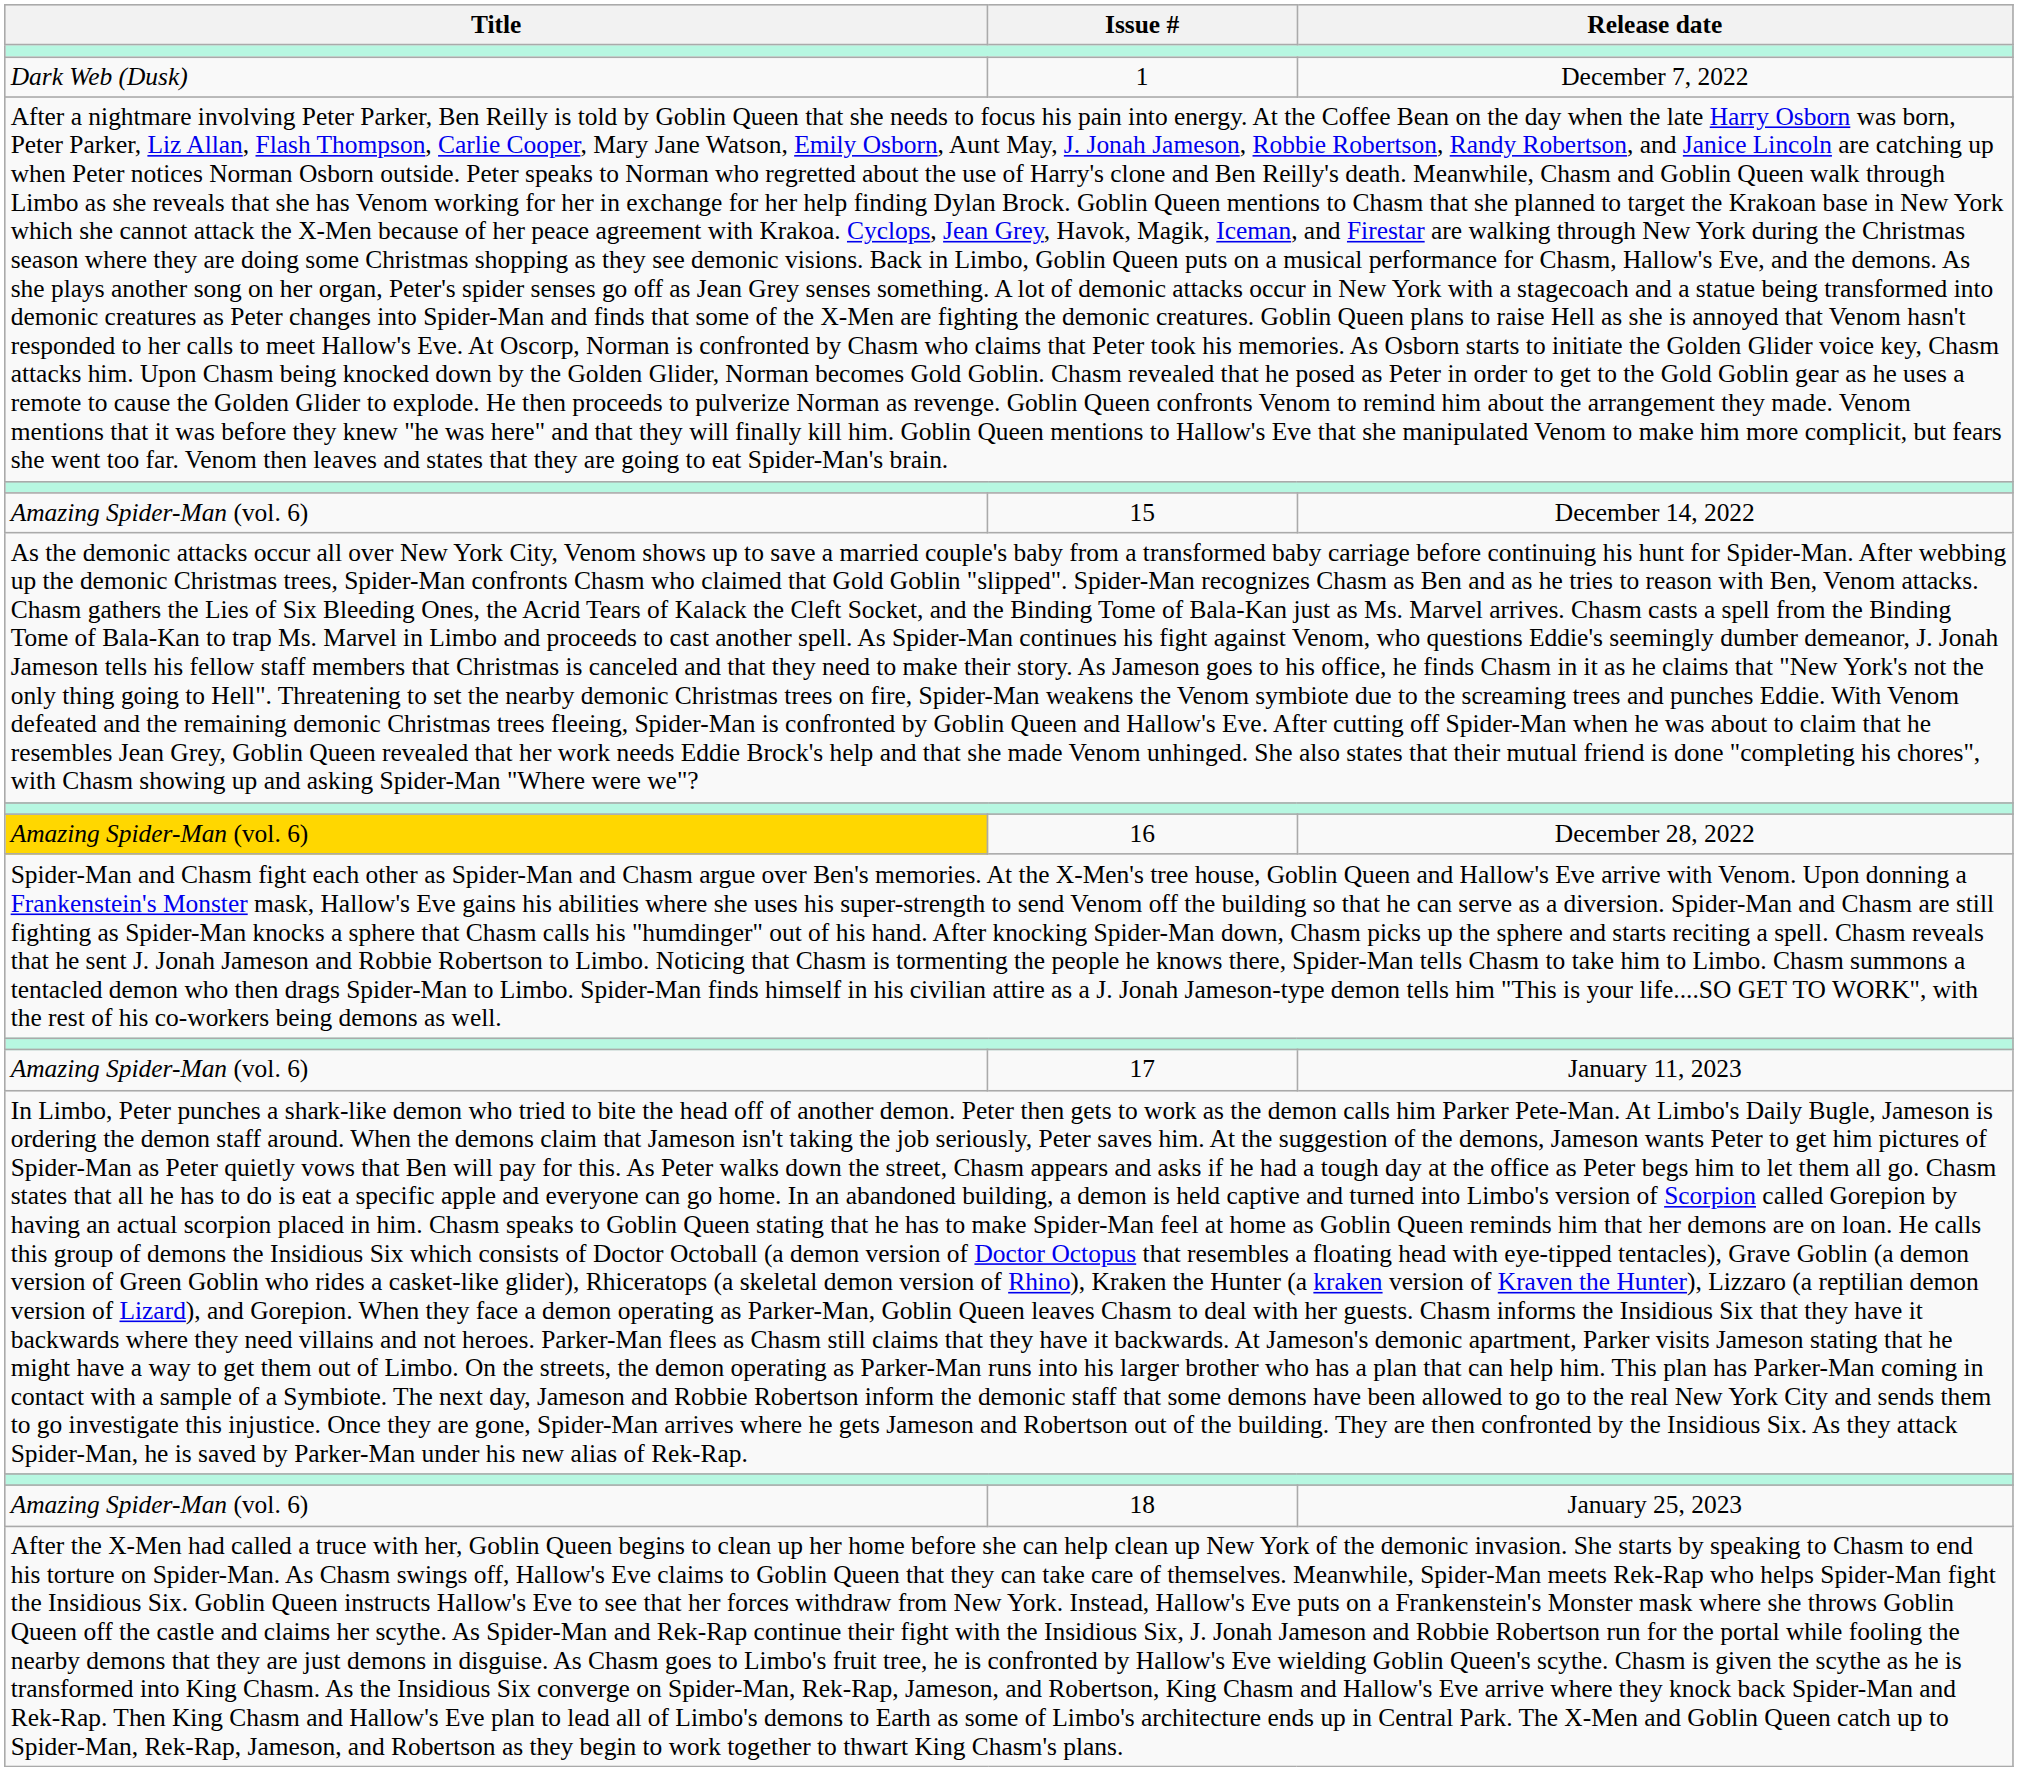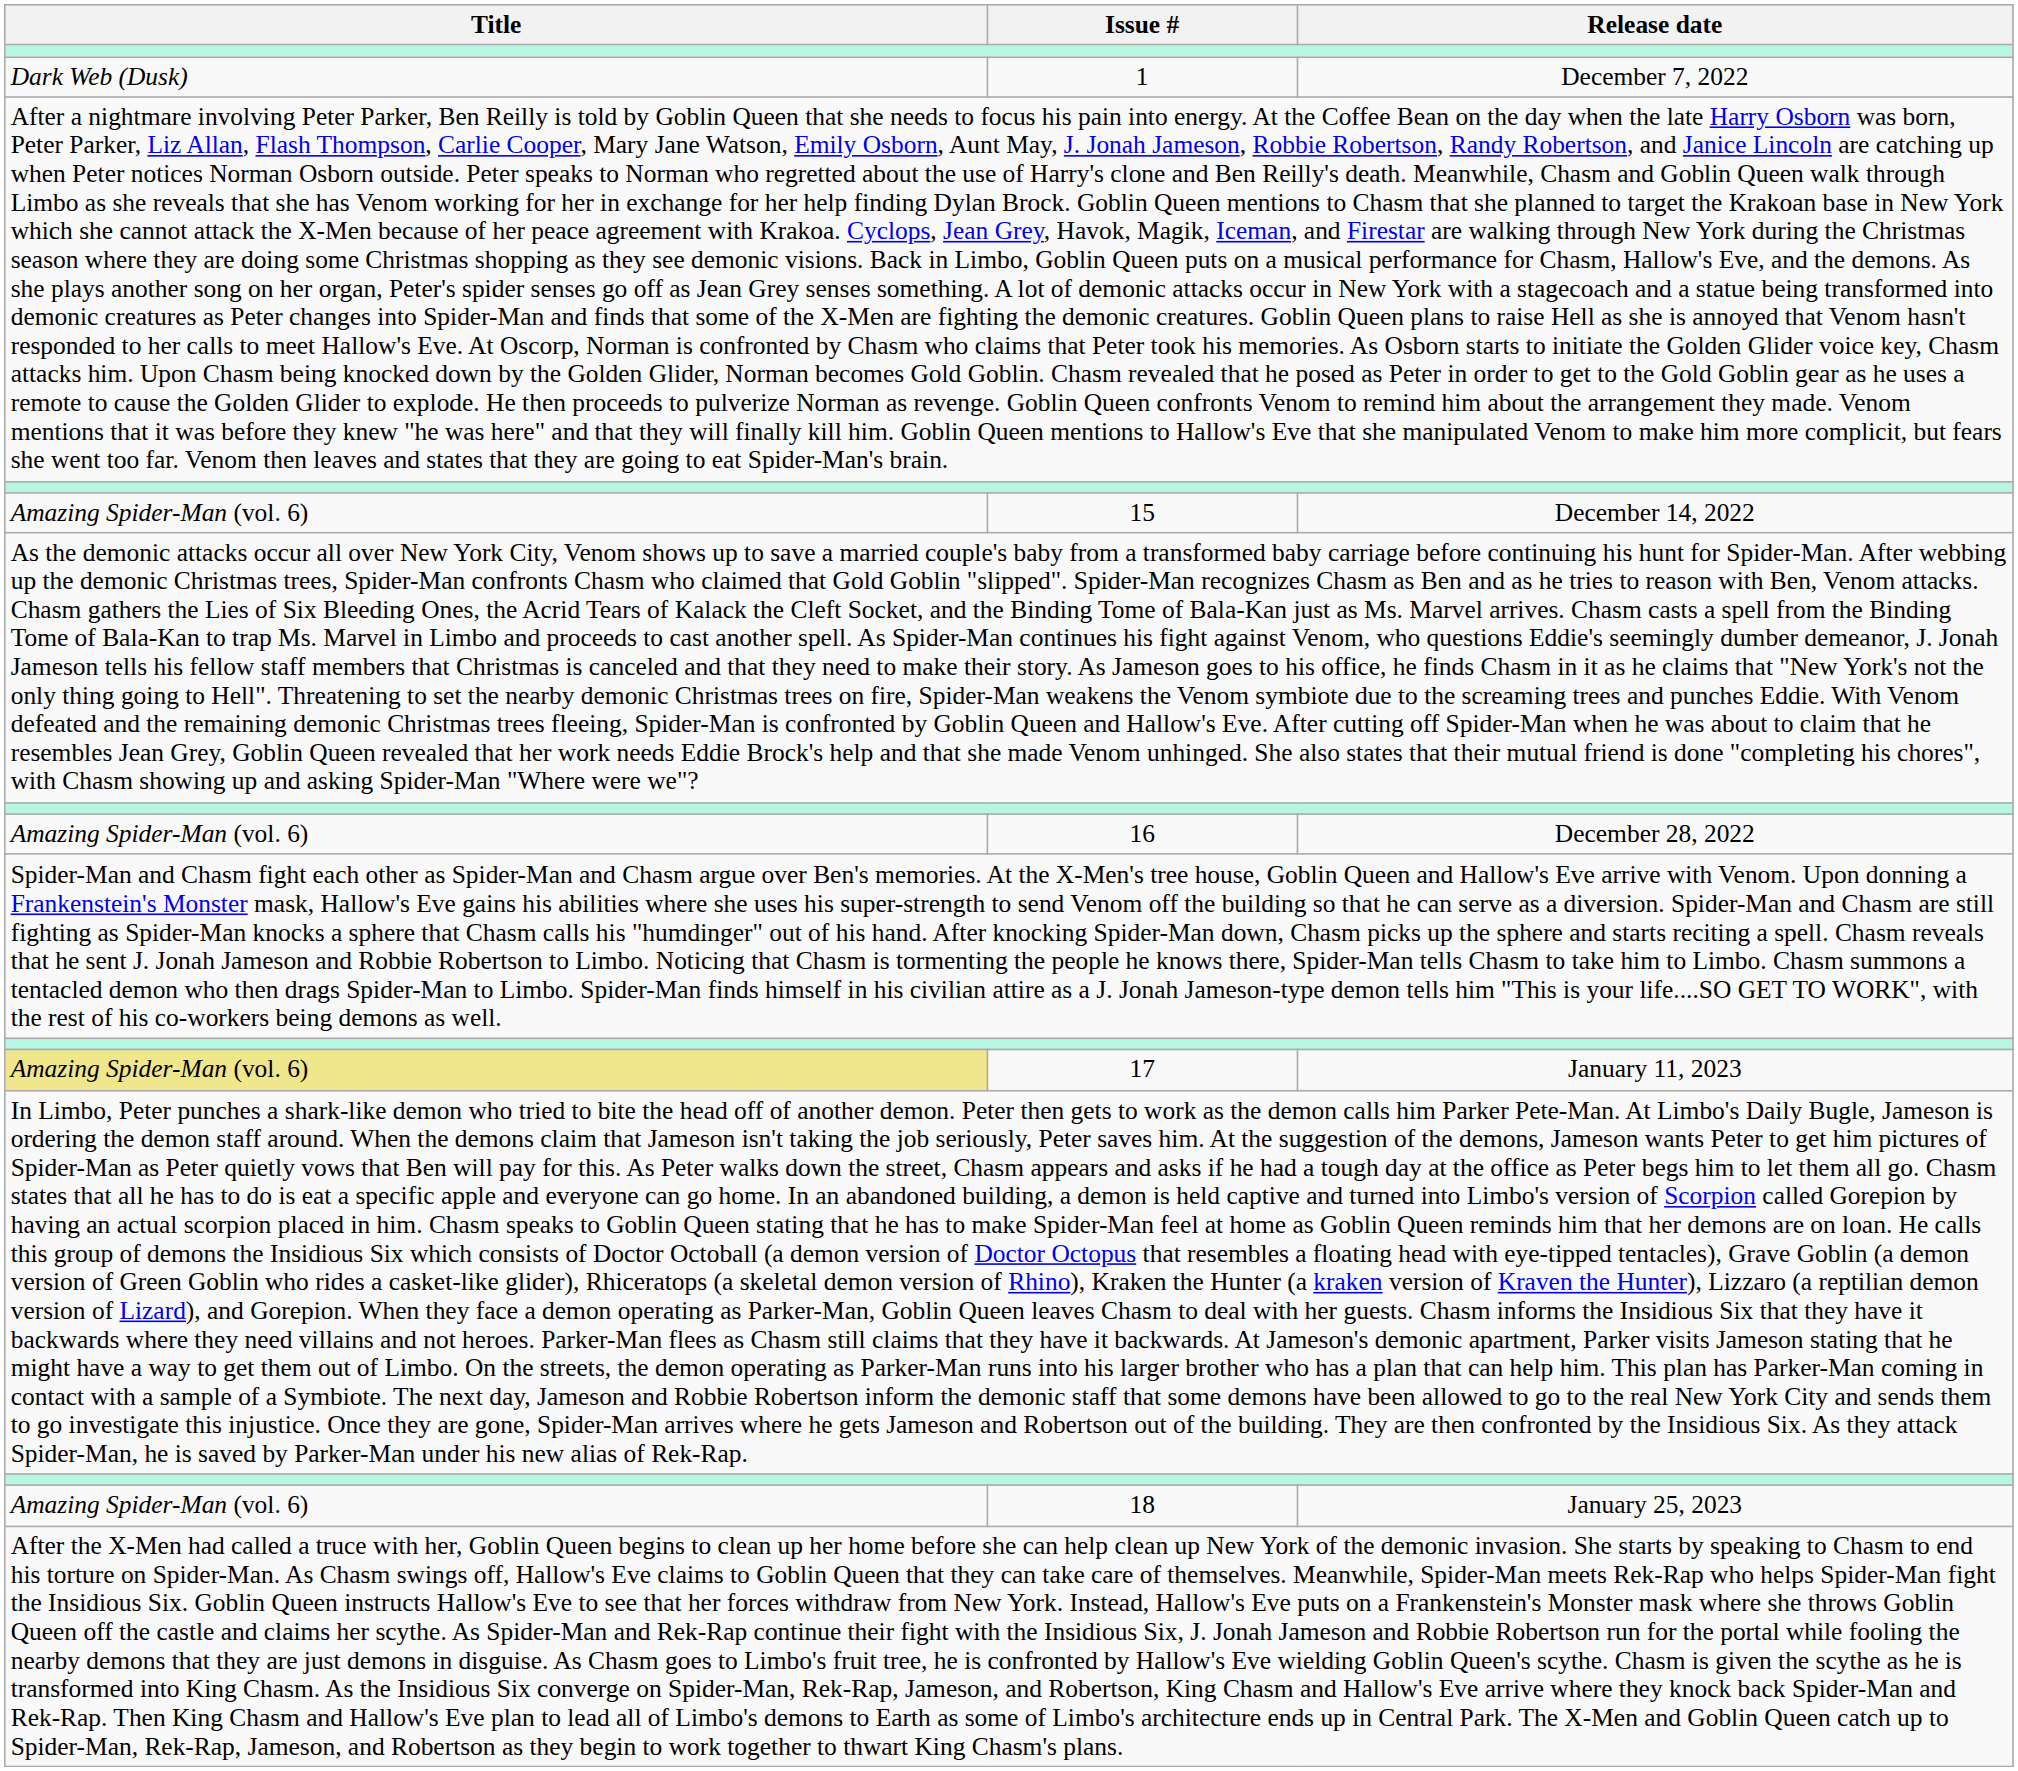 <table class="wikitable" style="width:100%;">
 <tr>
 <th>Title</th>
 <th>Issue #</th>
 <th>Release date</th>
 </tr>
 <tr>
 <td colspan="6" style="background:#B7F7E1;"></td>
 </tr>
 <tr>
 <td><em>Dark Web (Dusk)</em></td>
 <td style="text-align:center;">1</td>
 <td style="text-align:center;">December 7, 2022</td>
 </tr>
 <tr>
 <td colspan="6">After a nightmare involving Peter Parker, Ben Reilly is told by Goblin Queen that she needs to focus his pain into energy. At the Coffee Bean on the day when the late <a href='#'>Harry Osborn</a> was born, Peter Parker, <a href='#'>Liz Allan</a>, <a href='#'>Flash Thompson</a>, <a href='#'>Carlie Cooper</a>, Mary Jane Watson, <a href='#'>Emily Osborn</a>, Aunt May, <a href='#'>J. Jonah Jameson</a>, <a href='#'>Robbie Robertson</a>, <a href='#'>Randy Robertson</a>, and <a href='#'>Janice Lincoln</a> are catching up when Peter notices Norman Osborn outside. Peter speaks to Norman who regretted about the use of Harry's clone and Ben Reilly's death. Meanwhile, Chasm and Goblin Queen walk through Limbo as she reveals that she has Venom working for her in exchange for her help finding Dylan Brock. Goblin Queen mentions to Chasm that she planned to target the Krakoan base in New York which she cannot attack the X-Men because of her peace agreement with Krakoa. <a href='#'>Cyclops</a>, <a href='#'>Jean Grey</a>, Havok, Magik, <a href='#'>Iceman</a>, and <a href='#'>Firestar</a> are walking through New York during the Christmas season where they are doing some Christmas shopping as they see demonic visions. Back in Limbo, Goblin Queen puts on a musical performance for Chasm, Hallow's Eve, and the demons. As she plays another song on her organ, Peter's spider senses go off as Jean Grey senses something. A lot of demonic attacks occur in New York with a stagecoach and a statue being transformed into demonic creatures as Peter changes into Spider-Man and finds that some of the X-Men are fighting the demonic creatures. Goblin Queen plans to raise Hell as she is annoyed that Venom hasn't responded to her calls to meet Hallow's Eve. At Oscorp, Norman is confronted by Chasm who claims that Peter took his memories. As Osborn starts to initiate the Golden Glider voice key, Chasm attacks him. Upon Chasm being knocked down by the Golden Glider, Norman becomes Gold Goblin. Chasm revealed that he posed as Peter in order to get to the Gold Goblin gear as he uses a remote to cause the Golden Glider to explode. He then proceeds to pulverize Norman as revenge. Goblin Queen confronts Venom to remind him about the arrangement they made. Venom mentions that it was before they knew "he was here" and that they will finally kill him. Goblin Queen mentions to Hallow's Eve that she manipulated Venom to make him more complicit, but fears she went too far. Venom then leaves and states that they are going to eat Spider-Man's brain.</td>
 </tr>
 <tr>
 <td colspan="6" style="background:#B7F7E1;"></td>
 </tr>
 <tr>
 <td><em>Amazing Spider-Man</em> (vol. 6)</td>
 <td style="text-align:center;">15</td>
 <td style="text-align:center;">December 14, 2022</td>
 </tr>
 <tr>
 <td colspan="6">As the demonic attacks occur all over New York City, Venom shows up to save a married couple's baby from a transformed baby carriage before continuing his hunt for Spider-Man. After webbing up the demonic Christmas trees, Spider-Man confronts Chasm who claimed that Gold Goblin "slipped". Spider-Man recognizes Chasm as Ben and as he tries to reason with Ben, Venom attacks. Chasm gathers the Lies of Six Bleeding Ones, the Acrid Tears of Kalack the Cleft Socket, and the Binding Tome of Bala-Kan just as Ms. Marvel arrives. Chasm casts a spell from the Binding Tome of Bala-Kan to trap Ms. Marvel in Limbo and proceeds to cast another spell. As Spider-Man continues his fight against Venom, who questions Eddie's seemingly dumber demeanor, J. Jonah Jameson tells his fellow staff members that Christmas is canceled and that they need to make their story. As Jameson goes to his office, he finds Chasm in it as he claims that "New York's not the only thing going to Hell". Threatening to set the nearby demonic Christmas trees on fire, Spider-Man weakens the Venom symbiote due to the screaming trees and punches Eddie. With Venom defeated and the remaining demonic Christmas trees fleeing, Spider-Man is confronted by Goblin Queen and Hallow's Eve. After cutting off Spider-Man when he was about to claim that he resembles Jean Grey, Goblin Queen revealed that her work needs Eddie Brock's help and that she made Venom unhinged. She also states that their mutual friend is done "completing his chores", with Chasm showing up and asking Spider-Man "Where were we"?</td>
 </tr>
 <tr>
 <td colspan="6" style="background:#B7F7E1;"></td>
 </tr>
 <tr>
-<td style="background: gold;"><em>Amazing Spider-Man</em> (vol. 6)</td>
+<td><em>Amazing Spider-Man</em> (vol. 6)</td>
 <td style="text-align:center;">16</td>
 <td style="text-align:center;">December 28, 2022</td>
 </tr>
 <tr>
 <td colspan="6">Spider-Man and Chasm fight each other as Spider-Man and Chasm argue over Ben's memories. At the X-Men's tree house, Goblin Queen and Hallow's Eve arrive with Venom. Upon donning a <a href='#'>Frankenstein's Monster</a> mask, Hallow's Eve gains his abilities where she uses his super-strength to send Venom off the building so that he can serve as a diversion. Spider-Man and Chasm are still fighting as Spider-Man knocks a sphere that Chasm calls his "humdinger" out of his hand. After knocking Spider-Man down, Chasm picks up the sphere and starts reciting a spell. Chasm reveals that he sent J. Jonah Jameson and Robbie Robertson to Limbo. Noticing that Chasm is tormenting the people he knows there, Spider-Man tells Chasm to take him to Limbo. Chasm summons a tentacled demon who then drags Spider-Man to Limbo. Spider-Man finds himself in his civilian attire as a J. Jonah Jameson-type demon tells him "This is your life....SO GET TO WORK", with the rest of his co-workers being demons as well.</td>
 </tr>
 <tr>
 <td colspan="6" style="background:#B7F7E1;"></td>
 </tr>
 <tr>
-<td><em>Amazing Spider-Man</em> (vol. 6)</td>
+<td style="background: khaki;"><em>Amazing Spider-Man</em> (vol. 6)</td>
 <td style="text-align:center;">17</td>
 <td style="text-align:center;">January 11, 2023</td>
 </tr>
 <tr>
 <td colspan="6">In Limbo, Peter punches a shark-like demon who tried to bite the head off of another demon. Peter then gets to work as the demon calls him Parker Pete-Man. At Limbo's Daily Bugle, Jameson is ordering the demon staff around. When the demons claim that Jameson isn't taking the job seriously, Peter saves him. At the suggestion of the demons, Jameson wants Peter to get him pictures of Spider-Man as Peter quietly vows that Ben will pay for this. As Peter walks down the street, Chasm appears and asks if he had a tough day at the office as Peter begs him to let them all go. Chasm states that all he has to do is eat a specific apple and everyone can go home. In an abandoned building, a demon is held captive and turned into Limbo's version of <a href='#'>Scorpion</a> called Gorepion by having an actual scorpion placed in him. Chasm speaks to Goblin Queen stating that he has to make Spider-Man feel at home as Goblin Queen reminds him that her demons are on loan. He calls this group of demons the Insidious Six which consists of Doctor Octoball (a demon version of <a href='#'>Doctor Octopus</a> that resembles a floating head with eye-tipped tentacles), Grave Goblin (a demon version of Green Goblin who rides a casket-like glider), Rhiceratops (a skeletal demon version of <a href='#'>Rhino</a>), Kraken the Hunter (a <a href='#'>kraken</a> version of <a href='#'>Kraven the Hunter</a>), Lizzaro (a reptilian demon version of <a href='#'>Lizard</a>), and Gorepion. When they face a demon operating as Parker-Man, Goblin Queen leaves Chasm to deal with her guests. Chasm informs the Insidious Six that they have it backwards where they need villains and not heroes. Parker-Man flees as Chasm still claims that they have it backwards. At Jameson's demonic apartment, Parker visits Jameson stating that he might have a way to get them out of Limbo. On the streets, the demon operating as Parker-Man runs into his larger brother who has a plan that can help him. This plan has Parker-Man coming in contact with a sample of a Symbiote. The next day, Jameson and Robbie Robertson inform the demonic staff that some demons have been allowed to go to the real New York City and sends them to go investigate this injustice. Once they are gone, Spider-Man arrives where he gets Jameson and Robertson out of the building. They are then confronted by the Insidious Six. As they attack Spider-Man, he is saved by Parker-Man under his new alias of Rek-Rap.</td>
 </tr>
 <tr>
 <td colspan="6" style="background:#B7F7E1;"></td>
 </tr>
 <tr>
 <td><em>Amazing Spider-Man</em> (vol. 6)</td>
 <td style="text-align:center;">18</td>
 <td style="text-align:center;">January 25, 2023</td>
 </tr>
 <tr>
 <td colspan="6">After the X-Men had called a truce with her, Goblin Queen begins to clean up her home before she can help clean up New York of the demonic invasion. She starts by speaking to Chasm to end his torture on Spider-Man. As Chasm swings off, Hallow's Eve claims to Goblin Queen that they can take care of themselves. Meanwhile, Spider-Man meets Rek-Rap who helps Spider-Man fight the Insidious Six. Goblin Queen instructs Hallow's Eve to see that her forces withdraw from New York. Instead, Hallow's Eve puts on a Frankenstein's Monster mask where she throws Goblin Queen off the castle and claims her scythe. As Spider-Man and Rek-Rap continue their fight with the Insidious Six, J. Jonah Jameson and Robbie Robertson run for the portal while fooling the nearby demons that they are just demons in disguise. As Chasm goes to Limbo's fruit tree, he is confronted by Hallow's Eve wielding Goblin Queen's scythe. Chasm is given the scythe as he is transformed into King Chasm. As the Insidious Six converge on Spider-Man, Rek-Rap, Jameson, and Robertson, King Chasm and Hallow's Eve arrive where they knock back Spider-Man and Rek-Rap. Then King Chasm and Hallow's Eve plan to lead all of Limbo's demons to Earth as some of Limbo's architecture ends up in Central Park. The X-Men and Goblin Queen catch up to Spider-Man, Rek-Rap, Jameson, and Robertson as they begin to work together to thwart King Chasm's plans.</td>
 </tr>
 </table>
